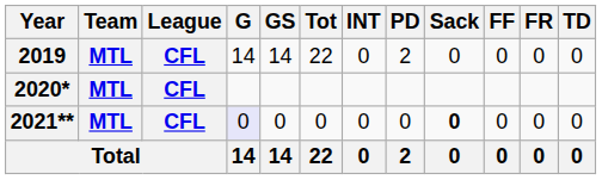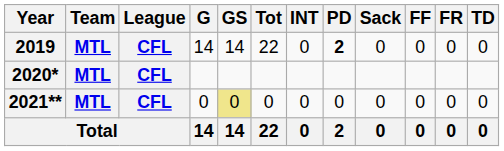 <table class="wikitable" style="text-align:center;">
 <tr>
 <th><strong>Year</strong></th>
 <th><strong>Team</strong></th>
 <th><strong>League</strong></th>
 <th><strong>G</strong></th>
 <th><strong>GS</strong></th>
 <th><strong>Tot</strong></th>
 <th><strong>INT</strong></th>
 <th><strong>PD</strong></th>
 <th><strong>Sack</strong></th>
 <th><strong>FF</strong></th>
 <th><strong>FR</strong></th>
 <th><strong>TD</strong></th>
 </tr>
 <tr>
 <th>2019</th>
 <th><a href='#'>MTL</a></th>
 <th><a href='#'>CFL</a></th>
 <td>14</td>
 <td>14</td>
 <td>22</td>
 <td>0</td>
-<td>2</td>
+<td><strong>2</strong></td>
 <td>0</td>
 <td>0</td>
 <td>0</td>
 <td>0</td>
 </tr>
 <tr>
 <th>2020<strong>*</strong></th>
 <th><a href='#'>MTL</a></th>
 <th><a href='#'>CFL</a></th>
 <td></td>
 <td></td>
 <td></td>
 <td></td>
 <td></td>
 <td></td>
 <td></td>
 <td></td>
 <td></td>
 </tr>
 <tr>
 <th>2021<strong>**</strong></th>
 <th><a href='#'>MTL</a></th>
 <th><a href='#'>CFL</a></th>
-<td style="background: lavender;">0</td>
+<td>0</td>
+<td style="background: khaki;">0</td>
 <td>0</td>
 <td>0</td>
 <td>0</td>
 <td>0</td>
-<td><strong>0</strong></td>
 <td>0</td>
 <td>0</td>
 <td>0</td>
 </tr>
 <tr>
 <th colspan="3"><strong>Total</strong></th>
 <th><strong>14</strong></th>
 <th><strong>14</strong></th>
 <th><strong>22</strong></th>
 <th><strong>0</strong></th>
 <th><strong>2</strong></th>
 <th><strong>0</strong></th>
 <th><strong>0</strong></th>
 <th><strong>0</strong></th>
 <th><strong>0</strong></th>
 </tr>
 </table>
